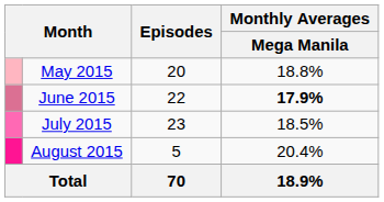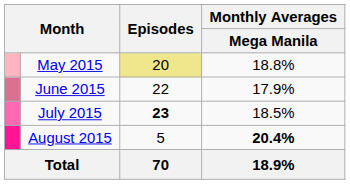 <table class="wikitable plainrowheaders" style="text-align: center; line-height:25px;">
 <tr class="wikitable" style="text-align: center;">
 <th colspan="2" rowspan="2" style="padding: 0 8px;">Month</th>
 <th rowspan="2" style="padding: 0 8px;">Episodes</th>
 <th colspan="2" style="padding: 0 8px;">Monthly Averages</th>
 </tr>
 <tr>
 <th style="padding: 0 8px;">Mega Manila</th>
 </tr>
 <tr>
 <td style="padding: 0 8px; background:#FFB6C1;"></td>
 <td style="padding: 0 8px;" '><a href='#'>May 2015</a></td>
-<td style="padding: 0 8px;">20</td>
+<td style="background: khaki; padding: 0 8px;">20</td>
 <td style="padding: 0 8px;">18.8%</td>
 </tr>
 <tr>
 <td style="padding: 0 8px; background:#DB7093;"></td>
 <td style="padding: 0 8px;" '><a href='#'>June 2015</a></td>
 <td style="padding: 0 8px;">22</td>
-<td style="padding: 0 8px;"><strong>17.9%</strong></td>
+<td style="padding: 0 8px;">17.9%</td>
 </tr>
 <tr>
 <td style="padding: 0 8px; background:#FF69B4;"></td>
 <td style="padding: 0 8px;" '><a href='#'>July 2015</a></td>
-<td style="padding: 0 8px;">23</td>
+<td style="padding: 0 8px;"><strong>23</strong></td>
 <td style="padding: 0 8px;">18.5%</td>
 </tr>
 <tr>
 <td style="padding: 0 8px; background:#FF1493;"></td>
 <td style="padding: 0 8px;" '><a href='#'>August 2015</a></td>
 <td style="padding: 0 8px;">5</td>
-<td style="padding: 0 8px;">20.4%</td>
+<td style="padding: 0 8px;"><strong>20.4%</strong></td>
 </tr>
 <tr>
 <th colspan="2">Total</th>
 <th colspan="1">70</th>
 <th colspan="2">18.9%</th>
 </tr>
 </table>
